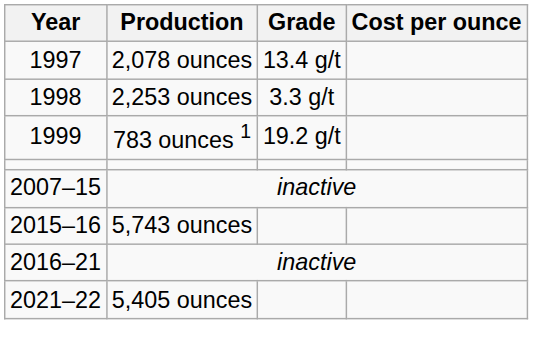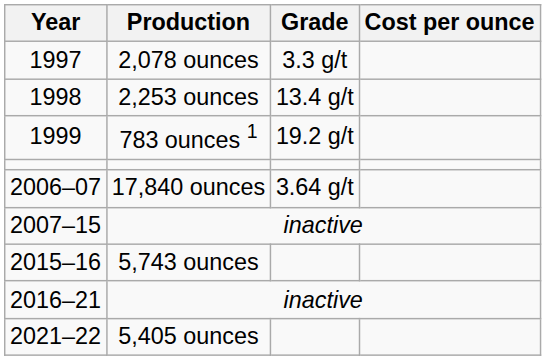 <table class="wikitable">
 <tr style="text-align:center;">
 <th>Year</th>
 <th>Production</th>
 <th>Grade</th>
 <th>Cost per ounce</th>
 </tr>
 <tr style="text-align:center;">
 <td>1997</td>
 <td>2,078 ounces</td>
-<td>13.4 g/t</td>
+<td>3.3 g/t</td>
 <td></td>
 </tr>
 <tr style="text-align:center;">
 <td>1998</td>
 <td>2,253 ounces</td>
-<td>3.3 g/t</td>
+<td>13.4 g/t</td>
 <td></td>
 </tr>
 <tr style="text-align:center;">
 <td>1999</td>
 <td>783 ounces <sup>1</sup></td>
 <td>19.2 g/t</td>
 <td></td>
 </tr>
 <tr style="text-align:center;">
 <td></td>
 <td></td>
 <td></td>
+<td></td>
+</tr>
+<tr style="text-align:center;">
+<td>2006–07</td>
+<td>17,840 ounces</td>
+<td>3.64 g/t</td>
 <td></td>
 </tr>
 <tr style="text-align:center;">
 <td>2007–15</td>
 <td colspan=3><em>inactive</em></td>
 </tr>
 <tr style="text-align:center;">
 <td>2015–16</td>
 <td>5,743 ounces</td>
 <td></td>
 </tr>
 <tr style="text-align:center;">
 <td>2016–21</td>
 <td colspan=3><em>inactive</em></td>
 </tr>
 <tr style="text-align:center;">
 <td>2021–22</td>
 <td>5,405 ounces</td>
 <td></td>
 <td></td>
 </tr>
 </table>
